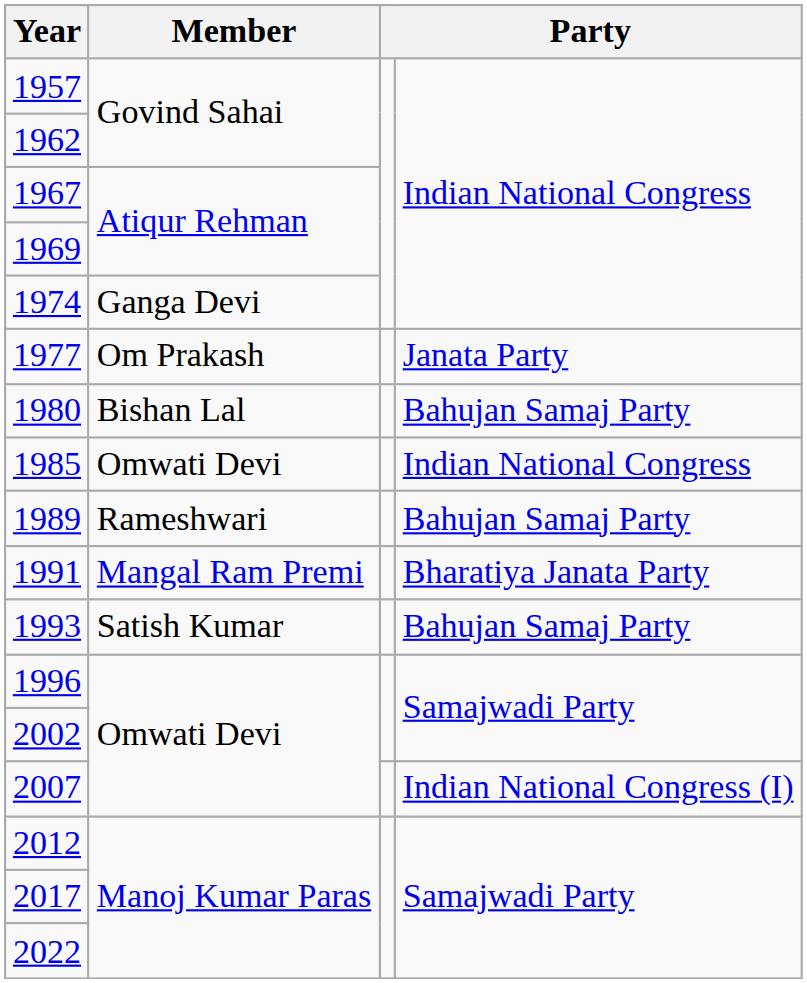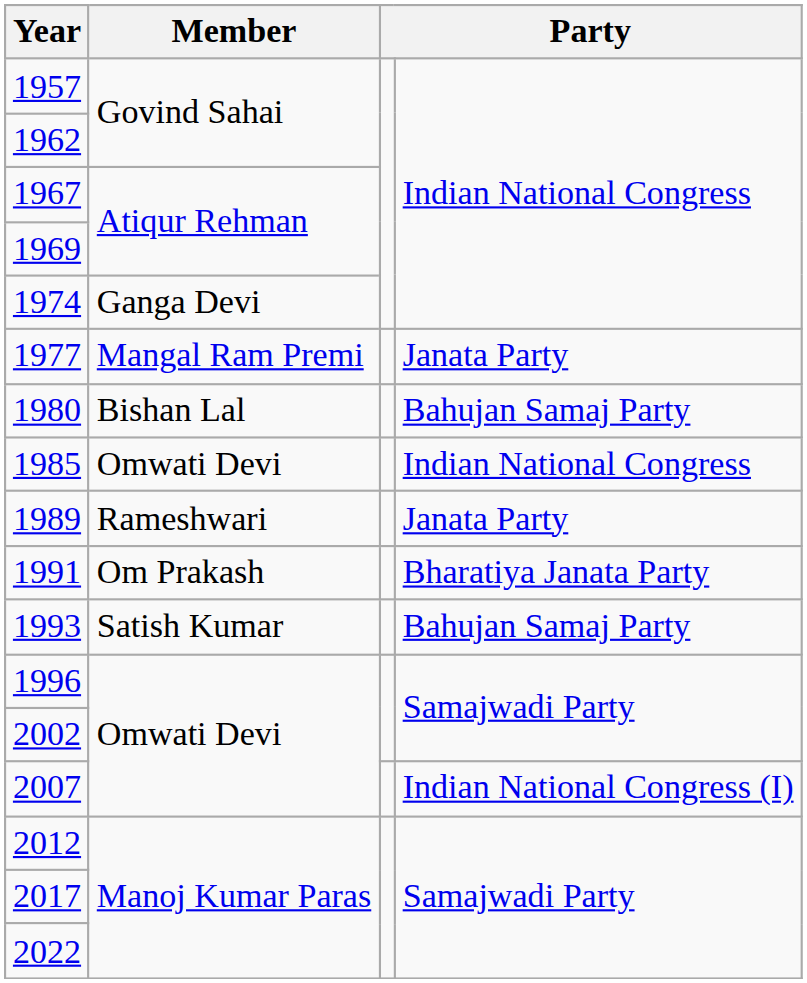 <table class="wikitable">
 <tr>
 <th>Year</th>
 <th>Member</th>
 <th colspan="2">Party</th>
 </tr>
 <tr>
 <td><a href='#'>1957</a></td>
 <td rowspan="2">Govind Sahai</td>
 <td rowspan="5" style="background-color: "></td>
 <td rowspan="5"><a href='#'>Indian National Congress</a></td>
 </tr>
 <tr>
 <td><a href='#'>1962</a></td>
 </tr>
 <tr>
 <td><a href='#'>1967</a></td>
 <td rowspan="2"><a href='#'>Atiqur Rehman</a></td>
 </tr>
 <tr>
 <td><a href='#'>1969</a></td>
 </tr>
 <tr>
 <td><a href='#'>1974</a></td>
 <td>Ganga Devi</td>
 </tr>
 <tr>
 <td><a href='#'>1977</a></td>
-<td>Om Prakash</td>
+<td><a href='#'>Mangal Ram Premi</a></td>
 <td style="background-color: "></td>
 <td><a href='#'>Janata Party</a></td>
 </tr>
 <tr>
 <td><a href='#'>1980</a></td>
 <td>Bishan Lal</td>
 <td style="background-color: "></td>
 <td><a href='#'>Bahujan Samaj Party</a></td>
 </tr>
 <tr>
 <td><a href='#'>1985</a></td>
 <td>Omwati Devi</td>
 <td style="background-color: "></td>
 <td><a href='#'>Indian National Congress</a></td>
 </tr>
 <tr>
 <td><a href='#'>1989</a></td>
 <td>Rameshwari</td>
 <td style="background-color: "></td>
-<td><a href='#'>Bahujan Samaj Party</a></td>
+<td><a href='#'>Janata Party</a></td>
 </tr>
 <tr>
 <td><a href='#'>1991</a></td>
-<td><a href='#'>Mangal Ram Premi</a></td>
+<td>Om Prakash</td>
 <td style="background-color: "></td>
 <td><a href='#'>Bharatiya Janata Party</a></td>
 </tr>
 <tr>
 <td><a href='#'>1993</a></td>
 <td>Satish Kumar</td>
 <td style="background-color: "></td>
 <td><a href='#'>Bahujan Samaj Party</a></td>
 </tr>
 <tr>
 <td><a href='#'>1996</a></td>
 <td rowspan="3">Omwati Devi</td>
 <td rowspan="2" style="background-color: "></td>
 <td rowspan="2"><a href='#'>Samajwadi Party</a></td>
 </tr>
 <tr>
 <td><a href='#'>2002</a></td>
 </tr>
 <tr>
 <td><a href='#'>2007</a></td>
 <td style="background-color: "></td>
 <td><a href='#'>Indian National Congress (I)</a></td>
 </tr>
 <tr>
 <td><a href='#'>2012</a></td>
 <td rowspan="3"><a href='#'>Manoj Kumar Paras</a></td>
 <td rowspan="3" style="background-color: "></td>
 <td rowspan="3"><a href='#'>Samajwadi Party</a></td>
 </tr>
 <tr>
 <td><a href='#'>2017</a></td>
 </tr>
 <tr>
 <td><a href='#'>2022</a></td>
 </tr>
 </table>
